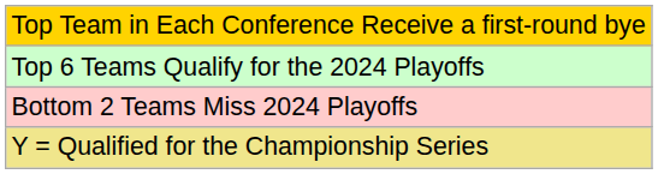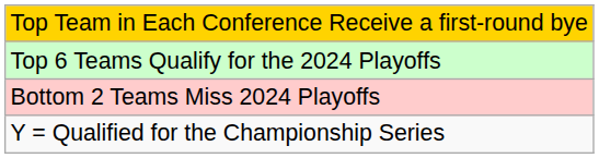 <table class="wikitable">
 <tr>
 <td style="background-color:#ffd300;">Top Team in Each Conference Receive a first-round bye</td>
 </tr>
 <tr bgcolor="ccffcc">
 <td>Top 6 Teams Qualify for the 2024 Playoffs</td>
 </tr>
 <tr bgcolor="ffcccc">
 <td>Bottom 2 Teams Miss 2024 Playoffs</td>
 </tr>
 <tr>
-<td style="background: khaki;">Y = Qualified for the Championship Series</td>
+<td>Y = Qualified for the Championship Series</td>
 </tr>
 </table>
